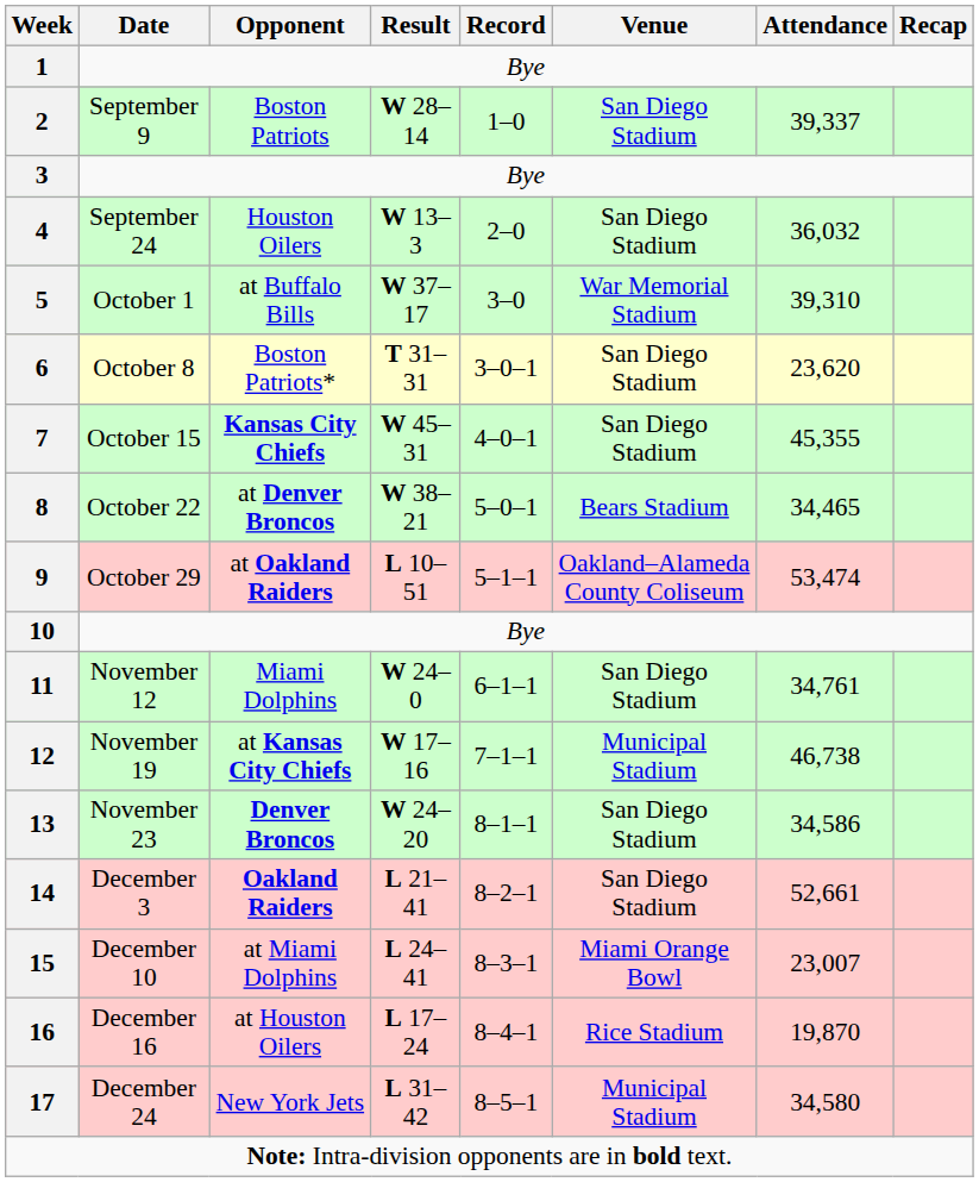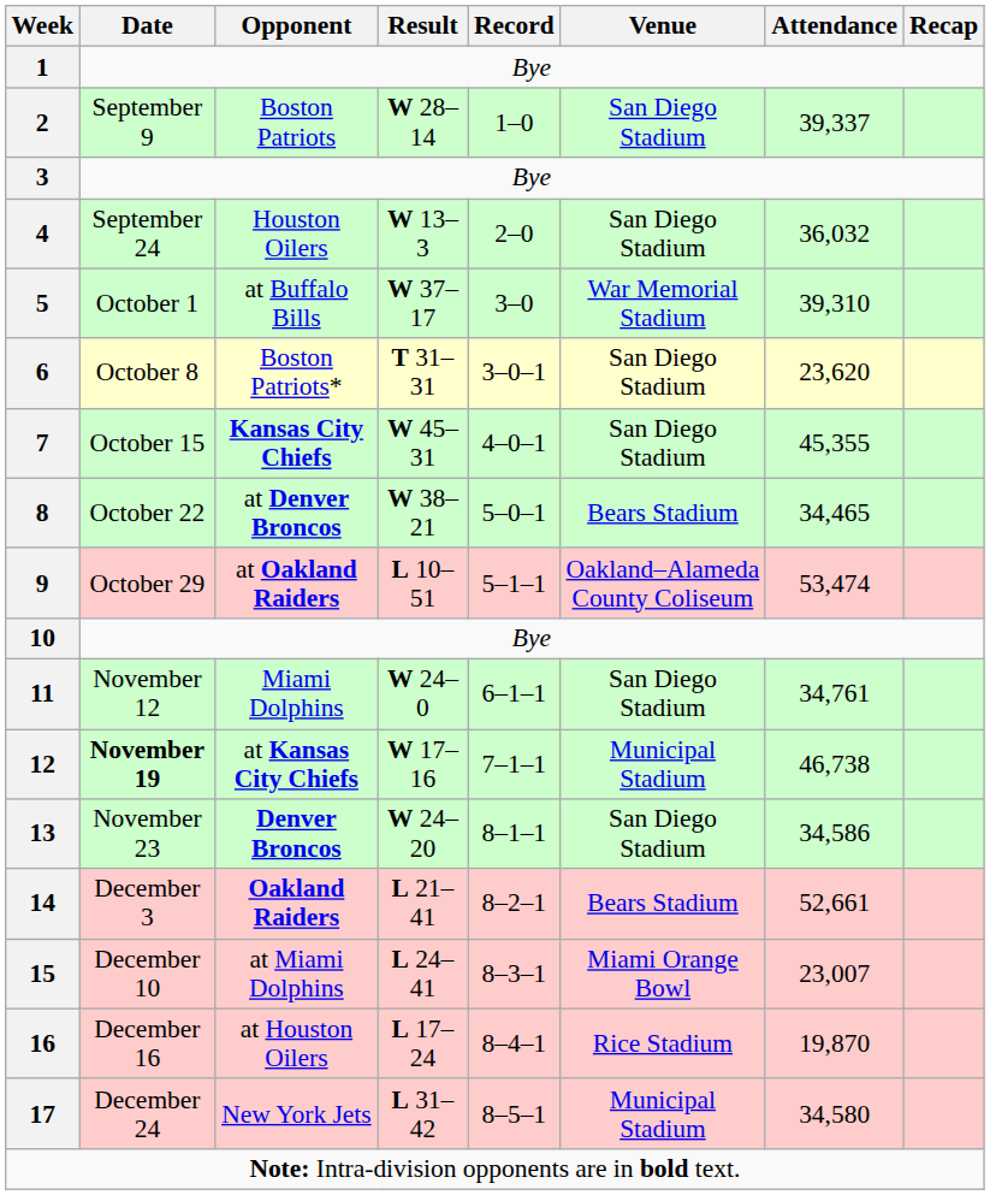 <table class="wikitable" style="text-align:center">
 <tr>
 <th>Week</th>
 <th>Date</th>
 <th>Opponent</th>
 <th>Result</th>
 <th>Record</th>
 <th>Venue</th>
 <th>Attendance</th>
 <th>Recap</th>
 </tr>
 <tr>
 <th>1</th>
 <td colspan="7" align="center"><em>Bye</em></td>
 </tr>
 <tr style="background: #cfc;">
 <th>2</th>
 <td>September 9</td>
 <td><a href='#'>Boston Patriots</a></td>
 <td><strong>W</strong> 28–14</td>
 <td>1–0</td>
 <td><a href='#'>San Diego Stadium</a></td>
 <td>39,337</td>
 <td></td>
 </tr>
 <tr>
 <th>3</th>
 <td colspan="7" align="center"><em>Bye</em></td>
 </tr>
 <tr style="background: #cfc;">
 <th>4</th>
 <td>September 24</td>
 <td><a href='#'>Houston Oilers</a></td>
 <td><strong>W</strong> 13–3</td>
 <td>2–0</td>
 <td>San Diego Stadium</td>
 <td>36,032</td>
 <td></td>
 </tr>
 <tr style="background: #cfc;">
 <th>5</th>
 <td>October 1</td>
 <td>at <a href='#'>Buffalo Bills</a></td>
 <td><strong>W</strong> 37–17</td>
 <td>3–0</td>
 <td><a href='#'>War Memorial Stadium</a></td>
 <td>39,310</td>
 <td></td>
 </tr>
 <tr style="background: #ffc;">
 <th>6</th>
 <td>October 8</td>
 <td><a href='#'>Boston Patriots</a>*</td>
 <td><strong>T</strong> 31–31</td>
 <td>3–0–1</td>
 <td>San Diego Stadium</td>
 <td>23,620</td>
 <td></td>
 </tr>
 <tr style="background: #cfc;">
 <th>7</th>
 <td>October 15</td>
 <td><strong><a href='#'>Kansas City Chiefs</a></strong></td>
 <td><strong>W</strong> 45–31</td>
 <td>4–0–1</td>
 <td>San Diego Stadium</td>
 <td>45,355</td>
 <td></td>
 </tr>
 <tr style="background: #cfc;">
 <th>8</th>
 <td>October 22</td>
 <td>at <strong><a href='#'>Denver Broncos</a></strong></td>
 <td><strong>W</strong> 38–21</td>
 <td>5–0–1</td>
 <td><a href='#'>Bears Stadium</a></td>
 <td>34,465</td>
 <td></td>
 </tr>
 <tr style="background: #fcc;">
 <th>9</th>
 <td>October 29</td>
 <td>at <strong><a href='#'>Oakland Raiders</a></strong></td>
 <td><strong>L</strong> 10–51</td>
 <td>5–1–1</td>
 <td><a href='#'>Oakland–Alameda County Coliseum</a></td>
 <td>53,474</td>
 <td></td>
 </tr>
 <tr>
 <th>10</th>
 <td colspan="7" align="center"><em>Bye</em></td>
 </tr>
 <tr style="background: #cfc;">
 <th>11</th>
 <td>November 12</td>
 <td><a href='#'>Miami Dolphins</a></td>
 <td><strong>W</strong> 24–0</td>
 <td>6–1–1</td>
 <td>San Diego Stadium</td>
 <td>34,761</td>
 <td></td>
 </tr>
 <tr style="background: #cfc;">
 <th>12</th>
-<td>November 19</td>
+<td><strong>November 19</strong></td>
 <td>at <strong><a href='#'>Kansas City Chiefs</a></strong></td>
 <td><strong>W</strong> 17–16</td>
 <td>7–1–1</td>
 <td><a href='#'>Municipal Stadium</a></td>
 <td>46,738</td>
 <td></td>
 </tr>
 <tr style="background: #cfc;">
 <th>13</th>
 <td>November 23</td>
 <td><strong><a href='#'>Denver Broncos</a></strong></td>
 <td><strong>W</strong> 24–20</td>
 <td>8–1–1</td>
 <td>San Diego Stadium</td>
 <td>34,586</td>
 <td></td>
 </tr>
 <tr style="background: #fcc;">
 <th>14</th>
 <td>December 3</td>
 <td><strong><a href='#'>Oakland Raiders</a></strong></td>
 <td><strong>L</strong> 21–41</td>
 <td>8–2–1</td>
-<td>San Diego Stadium</td>
+<td><a href='#'>Bears Stadium</a></td>
 <td>52,661</td>
 <td></td>
 </tr>
 <tr style="background: #fcc;">
 <th>15</th>
 <td>December 10</td>
 <td>at <a href='#'>Miami Dolphins</a></td>
 <td><strong>L</strong> 24–41</td>
 <td>8–3–1</td>
 <td><a href='#'>Miami Orange Bowl</a></td>
 <td>23,007</td>
 <td></td>
 </tr>
 <tr style="background: #fcc;">
 <th>16</th>
 <td>December 16</td>
 <td>at <a href='#'>Houston Oilers</a></td>
 <td><strong>L</strong> 17–24</td>
 <td>8–4–1</td>
 <td><a href='#'>Rice Stadium</a></td>
 <td>19,870</td>
 <td></td>
 </tr>
 <tr style="background: #fcc;">
 <th>17</th>
 <td>December 24</td>
 <td><a href='#'>New York Jets</a></td>
 <td><strong>L</strong> 31–42</td>
 <td>8–5–1</td>
 <td><a href='#'>Municipal Stadium</a></td>
 <td>34,580</td>
 <td></td>
 </tr>
 <tr>
 <td colspan="8"><strong>Note:</strong> Intra-division opponents are in <strong>bold</strong> text.</td>
 </tr>
 </table>
